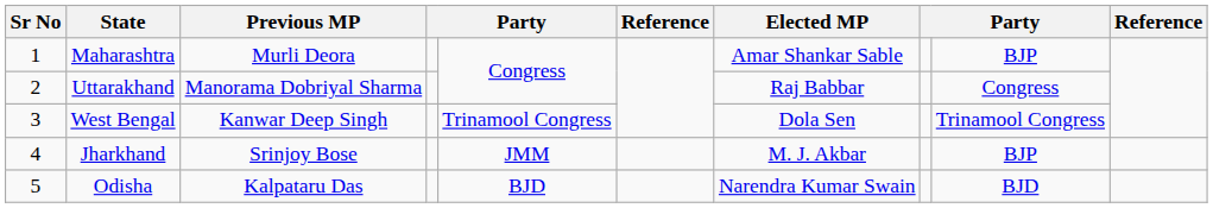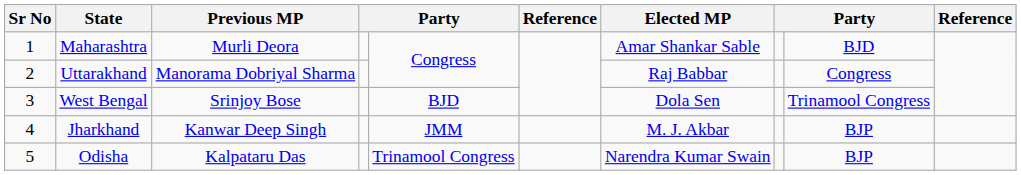 <table class="wikitable">
 <tr>
 <th>Sr No</th>
 <th>State</th>
 <th>Previous MP</th>
 <th colspan=2>Party</th>
 <th>Reference</th>
 <th>Elected MP</th>
 <th colspan=2>Party</th>
 <th>Reference</th>
 </tr>
 <tr style="text-align:center;">
 <td>1</td>
 <td><a href='#'>Maharashtra</a></td>
 <td><a href='#'>Murli Deora</a></td>
 <td width="1px"></td>
 <td rowspan="2"><a href='#'>Congress</a></td>
 <td rowspan=3></td>
 <td><a href='#'>Amar Shankar Sable</a></td>
 <td width="1px"></td>
-<td><a href='#'>BJP</a></td>
+<td><a href='#'>BJD</a></td>
 <td rowspan=3></td>
 </tr>
 <tr style="text-align:center;">
 <td>2</td>
 <td><a href='#'>Uttarakhand</a></td>
 <td><a href='#'>Manorama Dobriyal Sharma</a></td>
 <td width="1px"></td>
 <td><a href='#'>Raj Babbar</a></td>
 <td width="1px"></td>
 <td><a href='#'>Congress</a></td>
 </tr>
 <tr style="text-align:center;">
 <td>3</td>
 <td><a href='#'>West Bengal</a></td>
-<td><a href='#'>Kanwar Deep Singh</a></td>
+<td><a href='#'>Srinjoy Bose</a></td>
 <td width="1px"></td>
-<td><a href='#'>Trinamool Congress</a></td>
+<td><a href='#'>BJD</a></td>
 <td><a href='#'>Dola Sen</a></td>
 <td width="1px"></td>
 <td><a href='#'>Trinamool Congress</a></td>
 </tr>
 <tr style="text-align:center;">
 <td>4</td>
 <td><a href='#'>Jharkhand</a></td>
-<td><a href='#'>Srinjoy Bose</a></td>
+<td><a href='#'>Kanwar Deep Singh</a></td>
 <td width="1px"></td>
 <td><a href='#'>JMM</a></td>
 <td rowspan=1></td>
 <td><a href='#'>M. J. Akbar</a></td>
 <td width="1px"></td>
 <td><a href='#'>BJP</a></td>
 <td rowspan=1></td>
 </tr>
 <tr style="text-align:center;">
 <td>5</td>
 <td><a href='#'>Odisha</a></td>
 <td><a href='#'>Kalpataru Das</a></td>
 <td width="1px"></td>
-<td><a href='#'>BJD</a></td>
+<td><a href='#'>Trinamool Congress</a></td>
 <td rowspan=1></td>
 <td><a href='#'>Narendra Kumar Swain</a></td>
 <td width="1px"></td>
-<td><a href='#'>BJD</a></td>
+<td><a href='#'>BJP</a></td>
 <td rowspan=1></td>
 </tr>
 </table>
